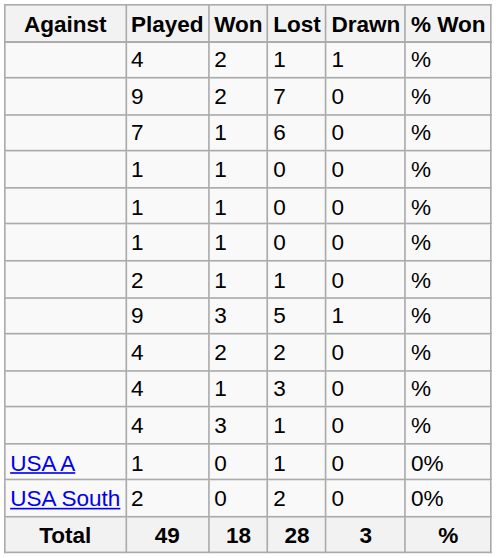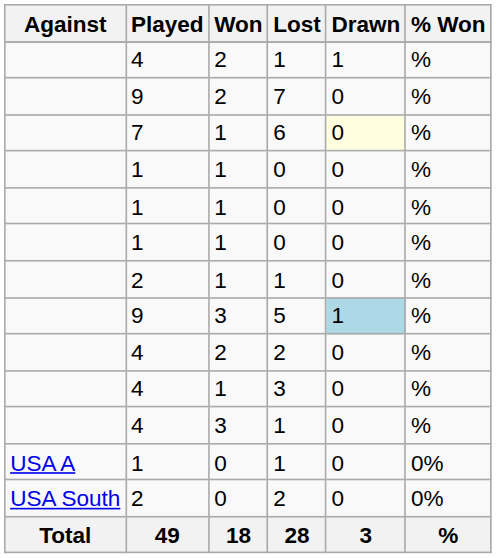 <table class="sortable wikitable" style="font-size: 87%;">
 <tr>
 <th>Against</th>
 <th>Played</th>
 <th>Won</th>
 <th>Lost</th>
 <th>Drawn</th>
 <th>% Won</th>
 </tr>
 <tr bgcolor="#d0ffd0" align="center">
 </tr>
 <tr>
 <td align="left"></td>
 <td>4</td>
 <td>2</td>
 <td>1</td>
 <td>1</td>
 <td>%</td>
 </tr>
 <tr>
 <td align="left"></td>
 <td>9</td>
 <td>2</td>
 <td>7</td>
 <td>0</td>
 <td>%</td>
 </tr>
 <tr>
 <td align="left"></td>
 <td>7</td>
 <td>1</td>
 <td>6</td>
-<td>0</td>
+<td style="background: lightyellow;">0</td>
 <td>%</td>
 </tr>
 <tr>
 <td align="left"></td>
 <td>1</td>
 <td>1</td>
 <td>0</td>
 <td>0</td>
 <td>%</td>
 </tr>
 <tr>
 <td align="left"></td>
 <td>1</td>
 <td>1</td>
 <td>0</td>
 <td>0</td>
 <td>%</td>
 </tr>
 <tr>
 <td align="left"></td>
 <td>1</td>
 <td>1</td>
 <td>0</td>
 <td>0</td>
 <td>%</td>
 </tr>
 <tr>
 <td align="left"></td>
 <td>2</td>
 <td>1</td>
 <td>1</td>
 <td>0</td>
 <td>%</td>
 </tr>
 <tr>
 <td align="left"></td>
 <td>9</td>
 <td>3</td>
 <td>5</td>
-<td>1</td>
+<td style="background: lightblue;">1</td>
 <td>%</td>
 </tr>
 <tr>
 <td align="left"></td>
 <td>4</td>
 <td>2</td>
 <td>2</td>
 <td>0</td>
 <td>%</td>
 </tr>
 <tr>
 <td align="left"></td>
 <td>4</td>
 <td>1</td>
 <td>3</td>
 <td>0</td>
 <td>%</td>
 </tr>
 <tr>
 <td align="left"></td>
 <td>4</td>
 <td>3</td>
 <td>1</td>
 <td>0</td>
 <td>%</td>
 </tr>
 <tr>
 <td align="left"> <a href='#'>USA A</a></td>
 <td>1</td>
 <td>0</td>
 <td>1</td>
 <td>0</td>
 <td>0%</td>
 </tr>
 <tr>
 <td align="left"> <a href='#'>USA South</a></td>
 <td>2</td>
 <td>0</td>
 <td>2</td>
 <td>0</td>
 <td>0%</td>
 </tr>
 <tr>
 <th>Total</th>
 <th><strong>49</strong></th>
 <th><strong>18</strong></th>
 <th><strong>28</strong></th>
 <th><strong>3</strong></th>
 <th><strong>%</strong></th>
 </tr>
 </table>
